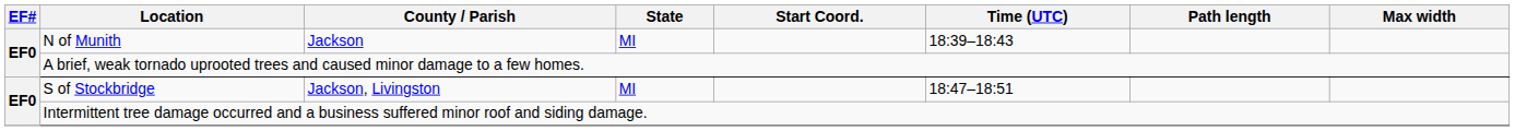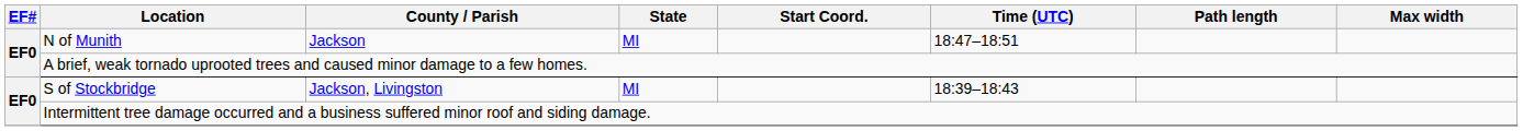 <table class="wikitable sortable" style="width:100%;">
 <tr>
 <th scope="col" width="2%" align="center"><a href='#'>EF#</a></th>
 <th scope="col" align="center" class="unsortable">Location</th>
 <th scope="col" align="center" class="unsortable">County / Parish</th>
 <th scope="col" align="center">State</th>
 <th scope="col" align="center">Start Coord.</th>
 <th scope="col" align="center">Time (<a href='#'>UTC</a>)</th>
 <th scope="col" align="center">Path length</th>
 <th scope="col" align="center">Max width</th>
 </tr>
 <tr>
 <th scope="row" rowspan="2" style="background-color:#">EF0</th>
 <td>N of <a href='#'>Munith</a></td>
 <td><a href='#'>Jackson</a></td>
 <td><a href='#'>MI</a></td>
 <td></td>
-<td>18:39–18:43</td>
+<td>18:47–18:51</td>
 <td></td>
 <td></td>
 </tr>
 <tr class="expand-child">
 <td colspan="8" style=" border-bottom: 1px solid black;">A brief, weak tornado uprooted trees and caused minor damage to a few homes.</td>
 </tr>
 <tr>
 <th scope="row" rowspan="2" style="background-color:#">EF0</th>
 <td>S of <a href='#'>Stockbridge</a></td>
 <td><a href='#'>Jackson</a>, <a href='#'>Livingston</a></td>
 <td><a href='#'>MI</a></td>
 <td></td>
-<td>18:47–18:51</td>
+<td>18:39–18:43</td>
 <td></td>
 <td></td>
 </tr>
 <tr class="expand-child">
 <td colspan="8" style=" border-bottom: 1px solid black;">Intermittent tree damage occurred and a business suffered minor roof and siding damage.</td>
 </tr>
 <tr>
 </tr>
 </table>
